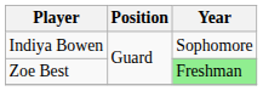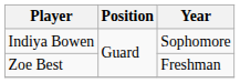 <table class="wikitable" border="1">
 <tr align=center>
 <th style= >Player</th>
 <th style= >Position</th>
 <th style= >Year</th>
 </tr>
 <tr>
 <td>Indiya Bowen</td>
 <td rowspan=2>Guard</td>
 <td>Sophomore</td>
 </tr>
 <tr>
 <td>Zoe Best</td>
-<td style="background: lightgreen;">Freshman</td>
+<td>Freshman</td>
 </tr>
 <tr>
 </tr>
 </table>
